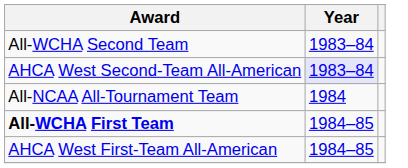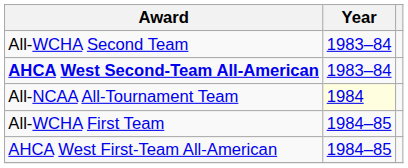 <table class="wikitable">
 <tr>
 <th>Award</th>
 <th>Year</th>
 <th></th>
 </tr>
 <tr>
 <td>All-<a href='#'>WCHA</a> <a href='#'>Second Team</a></td>
 <td><a href='#'>1983–84</a></td>
 <td></td>
 </tr>
 <tr>
-<td><a href='#'>AHCA</a> <a href='#'>West Second-Team All-American</a></td>
-<td style="background: lavender;"><a href='#'>1983–84</a></td>
+<td><strong><a href='#'>AHCA</a> <a href='#'>West Second-Team All-American</a></strong></td>
+<td><a href='#'>1983–84</a></td>
 <td></td>
 </tr>
 <tr>
 <td>All-<a href='#'>NCAA</a> <a href='#'>All-Tournament Team</a></td>
-<td><a href='#'>1984</a></td>
+<td style="background: lightyellow;"><a href='#'>1984</a></td>
 <td></td>
 </tr>
 <tr>
-<td><strong>All-<a href='#'>WCHA</a> <a href='#'>First Team</a></strong></td>
+<td>All-<a href='#'>WCHA</a> <a href='#'>First Team</a></td>
 <td><a href='#'>1984–85</a></td>
 <td></td>
 </tr>
 <tr>
 <td><a href='#'>AHCA</a> <a href='#'>West First-Team All-American</a></td>
 <td><a href='#'>1984–85</a></td>
 <td></td>
 </tr>
 <tr>
 </tr>
 </table>
